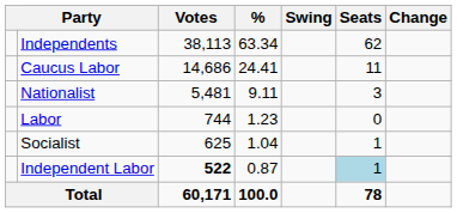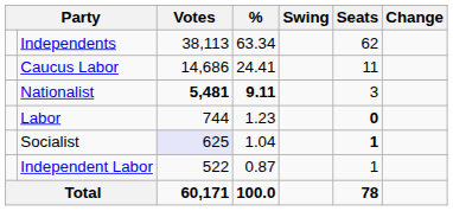 <table class="wikitable" style="text-align:right; margin-bottom:0">
 <tr>
 <th style="width:10px;" colspan=3>Party</th>
 <th style="width:70px;">Votes</th>
 <th style="width:40px;">%</th>
 <th style="width:40px;">Swing</th>
 <th style="width:40px;">Seats</th>
 <th style="width:40px;">Change</th>
 </tr>
 <tr>
 <td> </td>
 <td style="text-align:left;" colspan="2"><a href='#'>Independents</a></td>
 <td>38,113</td>
 <td>63.34</td>
 <td></td>
 <td>62</td>
 <td></td>
 </tr>
 <tr>
 <td> </td>
 <td style="text-align:left;" colspan="2"><a href='#'>Caucus Labor</a></td>
 <td>14,686</td>
 <td>24.41</td>
 <td></td>
 <td>11</td>
 <td></td>
 </tr>
 <tr>
 <td> </td>
 <td style="text-align:left;" colspan="2"><a href='#'>Nationalist</a></td>
-<td>5,481</td>
-<td>9.11</td>
+<td><strong>5,481</strong></td>
+<td><strong>9.11</strong></td>
 <td></td>
 <td>3</td>
 <td></td>
 </tr>
 <tr>
 <td> </td>
 <td style="text-align:left;" colspan="2"><a href='#'>Labor</a></td>
 <td>744</td>
 <td>1.23</td>
 <td></td>
-<td>0</td>
+<td><strong>0</strong></td>
 <td></td>
 </tr>
 <tr>
 <td> </td>
 <td style="text-align:left;" colspan="2">Socialist</td>
-<td>625</td>
+<td style="background: lavender;">625</td>
 <td>1.04</td>
 <td></td>
-<td>1</td>
+<td><strong>1</strong></td>
 <td></td>
 </tr>
 <tr>
 <td> </td>
 <td style="text-align:left;" colspan="2"><a href='#'>Independent Labor</a></td>
-<td><strong>522</strong></td>
+<td>522</td>
 <td>0.87</td>
 <td></td>
-<td style="background: lightblue;">1</td>
+<td>1</td>
 <td></td>
 </tr>
 <tr>
 <th colspan="3"> Total</th>
 <td><strong>60,171</strong></td>
 <td><strong>100.0</strong></td>
 <td></td>
 <td><strong>78</strong></td>
 <td></td>
 </tr>
 </table>
